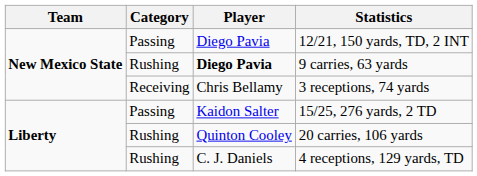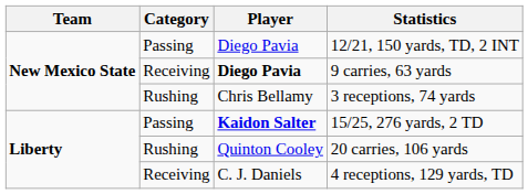 <table class="wikitable" style="float: right;">
 <tr>
 <th>Team</th>
 <th>Category</th>
 <th>Player</th>
 <th>Statistics</th>
 </tr>
 <tr>
 <td rowspan=3><strong>New Mexico State</strong></td>
 <td>Passing</td>
 <td><a href='#'>Diego Pavia</a></td>
 <td>12/21, 150 yards, TD, 2 INT</td>
 </tr>
 <tr>
-<td>Rushing</td>
+<td>Receiving</td>
 <td><strong>Diego Pavia</strong></td>
 <td>9 carries, 63 yards</td>
 </tr>
 <tr>
-<td>Receiving</td>
+<td>Rushing</td>
 <td>Chris Bellamy</td>
 <td>3 receptions, 74 yards</td>
 </tr>
 <tr>
 <td rowspan=3><strong>Liberty</strong></td>
 <td>Passing</td>
-<td><a href='#'>Kaidon Salter</a></td>
+<td><strong><a href='#'>Kaidon Salter</a></strong></td>
 <td>15/25, 276 yards, 2 TD</td>
 </tr>
 <tr>
 <td>Rushing</td>
 <td><a href='#'>Quinton Cooley</a></td>
 <td>20 carries, 106 yards</td>
 </tr>
 <tr>
-<td>Rushing</td>
+<td>Receiving</td>
 <td>C. J. Daniels</td>
 <td>4 receptions, 129 yards, TD</td>
 </tr>
 </table>
